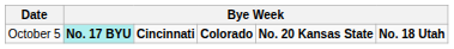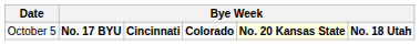 <table class="wikitable" style="font-size:95%;">
 <tr>
 <th>Date</th>
 <th colspan="5">Bye Week</th>
 </tr>
 <tr>
 <td>October 5</td>
-<td style="background: paleturquoise;"><strong>No. 17 BYU</strong></td>
+<td><strong>No. 17 BYU</strong></td>
 <td><strong>Cincinnati</strong></td>
 <td><strong>Colorado</strong></td>
-<td><strong>No. 20 Kansas State</strong></td>
+<td style="background: lightyellow;"><strong>No. 20 Kansas State</strong></td>
 <td><strong>No. 18 Utah</strong></td>
 </tr>
 </table>
